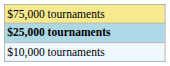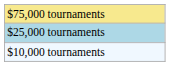 <table class="wikitable" style="font-size:85%;" width=15%>
 <tr bgcolor="#F7E98E">
 <td>$75,000 tournaments</td>
 </tr>
 <tr bgcolor="lightblue">
-<td><strong>$25,000 tournaments</strong></td>
+<td>$25,000 tournaments</td>
 </tr>
 <tr bgcolor="#f0f8ff">
 <td>$10,000 tournaments</td>
 </tr>
 </table>
